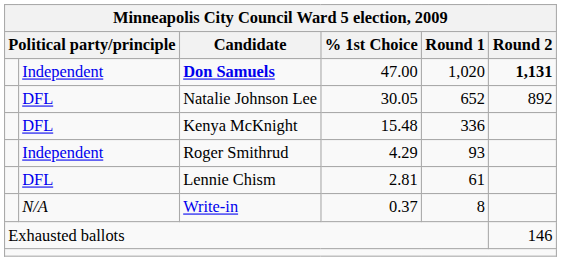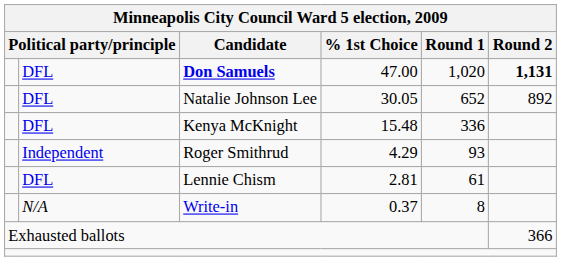 <table class="wikitable" style="font-size:95%">
 <tr>
 <th colspan="6">Minneapolis City Council Ward 5 election, 2009</th>
 </tr>
 <tr>
 <th colspan="2">Political party/principle</th>
 <th>Candidate</th>
 <th>% 1st Choice</th>
 <th>Round 1</th>
 <th>Round 2</th>
 </tr>
 <tr>
 <td style="background-color:"></td>
-<td><a href='#'>Independent</a></td>
+<td><a href='#'>DFL</a></td>
 <td><strong><a href='#'>Don Samuels</a></strong></td>
 <td align="right">47.00</td>
 <td align="right">1,020</td>
 <td align="right"><strong>1,131</strong></td>
 </tr>
 <tr>
 <td style="background-color:"></td>
 <td><a href='#'>DFL</a></td>
 <td>Natalie Johnson Lee</td>
 <td align="right">30.05</td>
 <td align="right">652</td>
 <td align="right">892</td>
 </tr>
 <tr>
 <td style="background-color:"></td>
 <td><a href='#'>DFL</a></td>
 <td>Kenya McKnight</td>
 <td align="right">15.48</td>
 <td align="right">336</td>
 <td align="right"></td>
 </tr>
 <tr>
 <td style="background-color:"></td>
 <td><a href='#'>Independent</a></td>
 <td>Roger Smithrud</td>
 <td align="right">4.29</td>
 <td align="right">93</td>
 <td align="right"></td>
 </tr>
 <tr>
 <td style="background-color:"></td>
 <td><a href='#'>DFL</a></td>
 <td>Lennie Chism</td>
 <td align="right">2.81</td>
 <td align="right">61</td>
 <td align="right"></td>
 </tr>
 <tr>
 <td style="background-color:"></td>
 <td><em>N/A</em></td>
 <td><a href='#'>Write-in</a></td>
 <td align="right">0.37</td>
 <td align="right">8</td>
 <td align="right"></td>
 </tr>
 <tr>
 <td colspan="5">Exhausted ballots</td>
-<td align="right">146</td>
+<td align="right">366</td>
 </tr>
 <tr>
 <td colspan="6"></td>
 </tr>
 </table>
